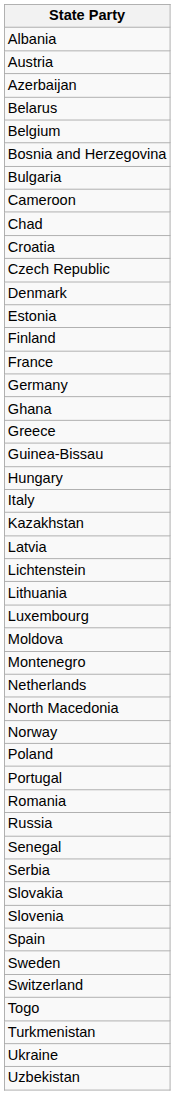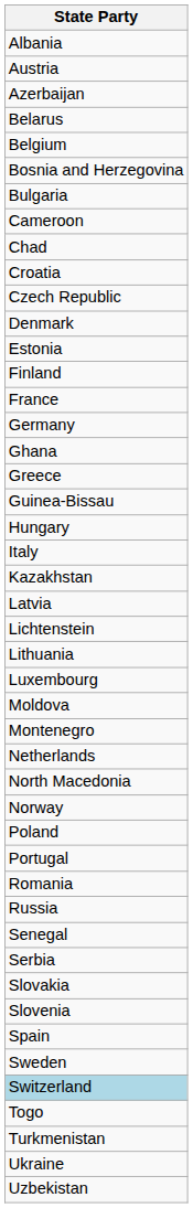 <table class="wikitable">
 <tr>
 <th><strong>State Party</strong></th>
 </tr>
 <tr>
 <td>Albania</td>
 </tr>
 <tr>
 <td>Austria</td>
 </tr>
 <tr>
 <td>Azerbaijan</td>
 </tr>
 <tr>
 <td>Belarus</td>
 </tr>
 <tr>
 <td>Belgium</td>
 </tr>
 <tr>
 <td>Bosnia and Herzegovina</td>
 </tr>
 <tr>
 <td>Bulgaria</td>
 </tr>
 <tr>
 <td>Cameroon</td>
 </tr>
 <tr>
 <td>Chad</td>
 </tr>
 <tr>
 <td>Croatia</td>
 </tr>
 <tr>
 <td>Czech Republic</td>
 </tr>
 <tr>
 <td>Denmark</td>
 </tr>
 <tr>
 <td>Estonia</td>
 </tr>
 <tr>
 <td>Finland</td>
 </tr>
 <tr>
 <td>France</td>
 </tr>
 <tr>
 <td>Germany</td>
 </tr>
 <tr>
 <td>Ghana</td>
 </tr>
 <tr>
 <td>Greece</td>
 </tr>
 <tr>
 <td>Guinea-Bissau</td>
 </tr>
 <tr>
 <td>Hungary</td>
 </tr>
 <tr>
 <td>Italy</td>
 </tr>
 <tr>
 <td>Kazakhstan</td>
 </tr>
 <tr>
 <td>Latvia</td>
 </tr>
 <tr>
 <td>Lichtenstein</td>
 </tr>
 <tr>
 <td>Lithuania</td>
 </tr>
 <tr>
 <td>Luxembourg</td>
 </tr>
 <tr>
 <td>Moldova</td>
 </tr>
 <tr>
 <td>Montenegro</td>
 </tr>
 <tr>
 <td>Netherlands</td>
 </tr>
 <tr>
 <td>North Macedonia</td>
 </tr>
 <tr>
 <td>Norway</td>
 </tr>
 <tr>
 <td>Poland</td>
 </tr>
 <tr>
 <td>Portugal</td>
 </tr>
 <tr>
 <td>Romania</td>
 </tr>
 <tr>
 <td>Russia</td>
 </tr>
 <tr>
 <td>Senegal</td>
 </tr>
 <tr>
 <td>Serbia</td>
 </tr>
 <tr>
 <td>Slovakia</td>
 </tr>
 <tr>
 <td>Slovenia</td>
 </tr>
 <tr>
 <td>Spain</td>
 </tr>
 <tr>
 <td>Sweden</td>
 </tr>
 <tr>
-<td>Switzerland</td>
+<td style="background: lightblue;">Switzerland</td>
 </tr>
 <tr>
 <td>Togo</td>
 </tr>
 <tr>
 <td>Turkmenistan</td>
 </tr>
 <tr>
 <td>Ukraine</td>
 </tr>
 <tr>
 <td>Uzbekistan</td>
 </tr>
 </table>
